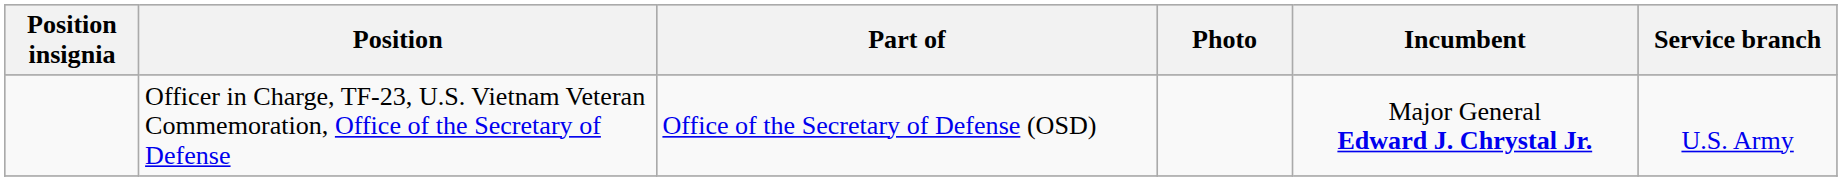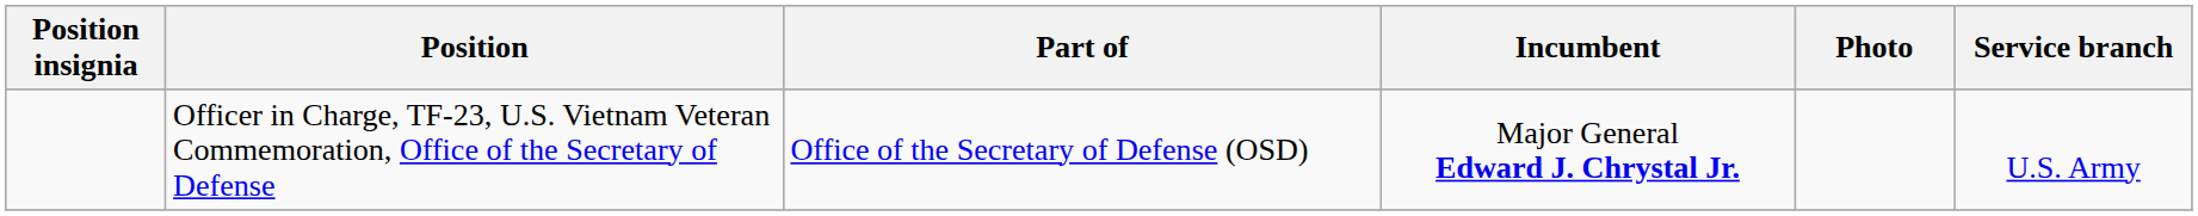 <table class="wikitable">
 <tr>
 <th width="75" style="text-align:center">Position insignia</th>
 <th width="310" style="text-align:center">Position</th>
 <th width="300" style="text-align:center">Part of</th>
+<th width="205" style="text-align:center">Incumbent</th>
 <th width="75" style="text-align:center">Photo</th>
-<th width="205" style="text-align:center">Incumbent</th>
 <th width="115" style="text-align:center">Service branch</th>
 </tr>
 <tr>
 <td></td>
 <td>Officer in Charge, TF-23, U.S. Vietnam Veteran Commemoration, <a href='#'>Office of the Secretary of Defense</a></td>
 <td> <a href='#'>Office of the Secretary of Defense</a> (OSD)</td>
+<td style="text-align:center">Major General<br><strong><a href='#'>Edward J. Chrystal Jr.</a></strong></td>
 <td></td>
-<td style="text-align:center">Major General<br><strong><a href='#'>Edward J. Chrystal Jr.</a></strong></td>
 <td style="text-align:center"><br><a href='#'>U.S. Army</a></td>
 </tr>
 </table>
